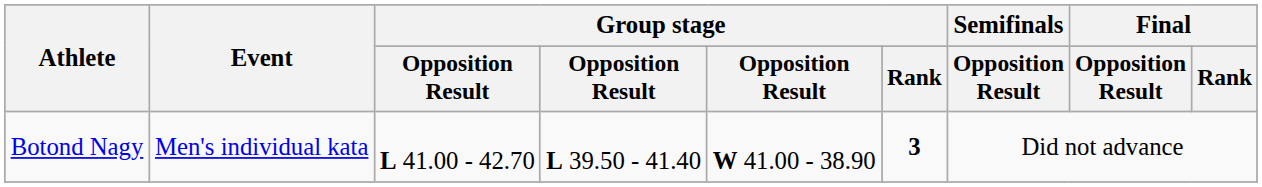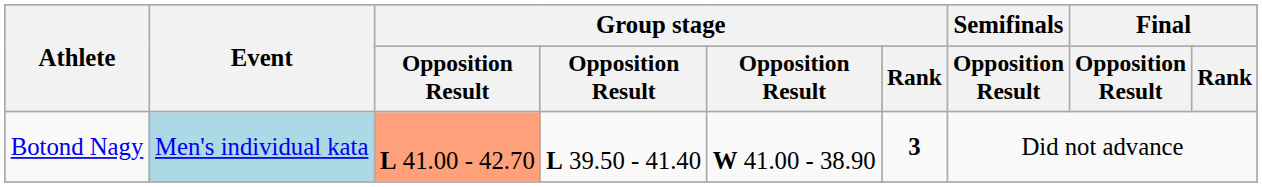 <table class="wikitable" style="font-size:90%">
 <tr>
 <th rowspan=2>Athlete</th>
 <th rowspan=2>Event</th>
 <th colspan=4>Group stage</th>
 <th>Semifinals</th>
 <th colspan=2>Final</th>
 </tr>
 <tr style="font-size:95%">
 <th>Opposition<br>Result</th>
 <th>Opposition<br>Result</th>
 <th>Opposition<br>Result</th>
 <th>Rank</th>
 <th>Opposition<br>Result</th>
 <th>Opposition<br>Result</th>
 <th>Rank</th>
 </tr>
 <tr align=center>
 <td align=left><a href='#'>Botond Nagy</a></td>
-<td align=left><a href='#'>Men's individual kata</a></td>
-<td><br> <strong>L</strong> 41.00 - 42.70</td>
+<td align=left style="background: lightblue;"><a href='#'>Men's individual kata</a></td>
+<td style="background: lightsalmon;"><br> <strong>L</strong> 41.00 - 42.70</td>
 <td><br> <strong>L</strong> 39.50 - 41.40</td>
 <td><br> <strong>W</strong> 41.00 - 38.90</td>
 <td><strong>3</strong></td>
 <td colspan=3>Did not advance</td>
 </tr>
 </table>
